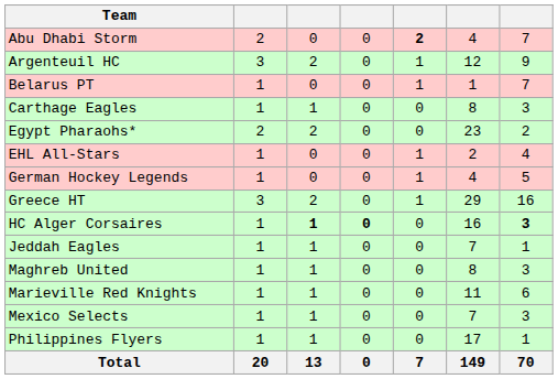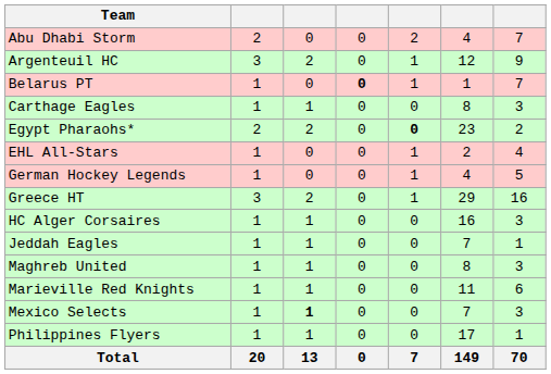 <table class="wikitable" style="font-size:95%; text-align:center">
 <tr>
 <th width=192>Team</th>
 <th width=40></th>
 <th width=40></th>
 <th width=40></th>
 <th width=40></th>
 <th width=40></th>
 <th width=40></th>
 </tr>
 <tr style="background:#ffcccc;">
 <td style="text-align:left;"> Abu Dhabi Storm</td>
 <td>2</td>
 <td>0</td>
 <td>0</td>
-<td><strong>2</strong></td>
+<td>2</td>
 <td>4</td>
 <td>7</td>
 </tr>
 <tr style="background:#ccffcc;">
 <td style="text-align:left;"> Argenteuil HC</td>
 <td>3</td>
 <td>2</td>
 <td>0</td>
 <td>1</td>
 <td>12</td>
 <td>9</td>
 </tr>
 <tr style="background:#ffcccc;">
 <td style="text-align:left;"> Belarus PT</td>
 <td>1</td>
 <td>0</td>
-<td>0</td>
+<td><strong>0</strong></td>
 <td>1</td>
 <td>1</td>
 <td>7</td>
 </tr>
 <tr style="background:#ccffcc;">
 <td style="text-align:left;"> Carthage Eagles</td>
 <td>1</td>
 <td>1</td>
 <td>0</td>
 <td>0</td>
 <td>8</td>
 <td>3</td>
 </tr>
 <tr style="background:#ccffcc;">
 <td style="text-align:left;"> Egypt Pharaohs*</td>
 <td>2</td>
 <td>2</td>
 <td>0</td>
-<td>0</td>
+<td><strong>0</strong></td>
 <td>23</td>
 <td>2</td>
 </tr>
 <tr style="background:#ffcccc;">
 <td style="text-align:left;"> EHL All-Stars</td>
 <td>1</td>
 <td>0</td>
 <td>0</td>
 <td>1</td>
 <td>2</td>
 <td>4</td>
 </tr>
 <tr style="background:#ffcccc;">
 <td style="text-align:left;"> German Hockey Legends</td>
 <td>1</td>
 <td>0</td>
 <td>0</td>
 <td>1</td>
 <td>4</td>
 <td>5</td>
 </tr>
 <tr style="background:#ccffcc;">
 <td style="text-align:left;"> Greece HT</td>
 <td>3</td>
 <td>2</td>
 <td>0</td>
 <td>1</td>
 <td>29</td>
 <td>16</td>
 </tr>
 <tr style="background:#ccffcc;">
 <td style="text-align:left;"> HC Alger Corsaires</td>
 <td>1</td>
-<td><strong>1</strong></td>
-<td><strong>0</strong></td>
+<td>1</td>
+<td>0</td>
 <td>0</td>
 <td>16</td>
-<td><strong>3</strong></td>
+<td>3</td>
 </tr>
 <tr style="background:#ccffcc;">
 <td style="text-align:left;"> Jeddah Eagles</td>
 <td>1</td>
 <td>1</td>
 <td>0</td>
 <td>0</td>
 <td>7</td>
 <td>1</td>
 </tr>
 <tr style="background:#ccffcc;">
 <td style="text-align:left;"> Maghreb United</td>
 <td>1</td>
 <td>1</td>
 <td>0</td>
 <td>0</td>
 <td>8</td>
 <td>3</td>
 </tr>
 <tr style="background:#ccffcc;">
 <td style="text-align:left;"> Marieville Red Knights</td>
 <td>1</td>
 <td>1</td>
 <td>0</td>
 <td>0</td>
 <td>11</td>
 <td>6</td>
 </tr>
 <tr style="background:#ccffcc;">
 <td style="text-align:left;"> Mexico Selects</td>
 <td>1</td>
-<td>1</td>
+<td><strong>1</strong></td>
 <td>0</td>
 <td>0</td>
 <td>7</td>
 <td>3</td>
 </tr>
 <tr style="background:#ccffcc;">
 <td style="text-align:left;"> Philippines Flyers</td>
 <td>1</td>
 <td>1</td>
 <td>0</td>
 <td>0</td>
 <td>17</td>
 <td>1</td>
 </tr>
 <tr>
 <th>Total</th>
 <th>20</th>
 <th>13</th>
 <th>0</th>
 <th>7</th>
 <th>149</th>
 <th>70</th>
 </tr>
 </table>
